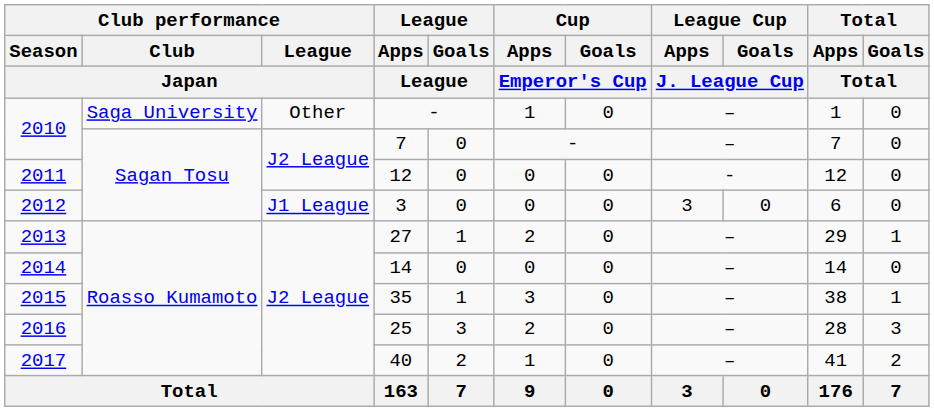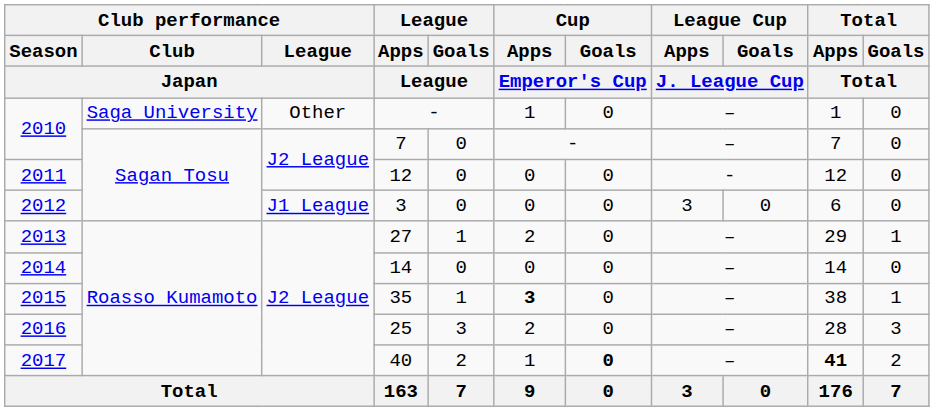 <table class="wikitable" style="text-align:center;">
 <tr>
 <th colspan=3>Club performance</th>
 <th colspan=2>League</th>
 <th colspan=2>Cup</th>
 <th colspan=2>League Cup</th>
 <th colspan=2>Total</th>
 </tr>
 <tr>
 <th>Season</th>
 <th>Club</th>
 <th>League</th>
 <th>Apps</th>
 <th>Goals</th>
 <th>Apps</th>
 <th>Goals</th>
 <th>Apps</th>
 <th>Goals</th>
 <th>Apps</th>
 <th>Goals</th>
 </tr>
 <tr>
 <th colspan=3>Japan</th>
 <th colspan=2>League</th>
 <th colspan=2><a href='#'>Emperor's Cup</a></th>
 <th colspan=2><a href='#'>J. League Cup</a></th>
 <th colspan=2>Total</th>
 </tr>
 <tr>
 <td rowspan=2><a href='#'>2010</a></td>
 <td><a href='#'>Saga University</a></td>
 <td>Other</td>
 <td colspan=2>-</td>
 <td>1</td>
 <td>0</td>
 <td colspan=2>–</td>
 <td>1</td>
 <td>0</td>
 </tr>
 <tr>
 <td rowspan=3><a href='#'>Sagan Tosu</a></td>
 <td rowspan=2><a href='#'>J2 League</a></td>
 <td>7</td>
 <td>0</td>
 <td colspan=2>-</td>
 <td colspan=2>–</td>
 <td>7</td>
 <td>0</td>
 </tr>
 <tr>
 <td><a href='#'>2011</a></td>
 <td>12</td>
 <td>0</td>
 <td>0</td>
 <td>0</td>
 <td colspan=2>-</td>
 <td>12</td>
 <td>0</td>
 </tr>
 <tr>
 <td><a href='#'>2012</a></td>
 <td><a href='#'>J1 League</a></td>
 <td>3</td>
 <td>0</td>
 <td>0</td>
 <td>0</td>
 <td>3</td>
 <td>0</td>
 <td>6</td>
 <td>0</td>
 </tr>
 <tr>
 <td><a href='#'>2013</a></td>
 <td rowspan="5"><a href='#'>Roasso Kumamoto</a></td>
 <td rowspan="5"><a href='#'>J2 League</a></td>
 <td>27</td>
 <td>1</td>
 <td>2</td>
 <td>0</td>
 <td colspan=2>–</td>
 <td>29</td>
 <td>1</td>
 </tr>
 <tr>
 <td><a href='#'>2014</a></td>
 <td>14</td>
 <td>0</td>
 <td>0</td>
 <td>0</td>
 <td colspan=2>–</td>
 <td>14</td>
 <td>0</td>
 </tr>
 <tr>
 <td><a href='#'>2015</a></td>
 <td>35</td>
 <td>1</td>
-<td>3</td>
+<td><strong>3</strong></td>
 <td>0</td>
 <td colspan=2>–</td>
 <td>38</td>
 <td>1</td>
 </tr>
 <tr>
 <td><a href='#'>2016</a></td>
 <td>25</td>
 <td>3</td>
 <td>2</td>
 <td>0</td>
 <td colspan=2>–</td>
 <td>28</td>
 <td>3</td>
 </tr>
 <tr>
 <td><a href='#'>2017</a></td>
 <td>40</td>
 <td>2</td>
 <td>1</td>
-<td>0</td>
+<td><strong>0</strong></td>
 <td colspan=2>–</td>
-<td>41</td>
+<td><strong>41</strong></td>
 <td>2</td>
 </tr>
 <tr>
 <th colspan=3>Total</th>
 <th>163</th>
 <th>7</th>
 <th>9</th>
 <th>0</th>
 <th>3</th>
 <th>0</th>
 <th>176</th>
 <th>7</th>
 </tr>
 </table>
